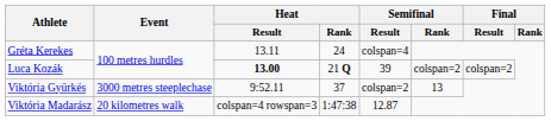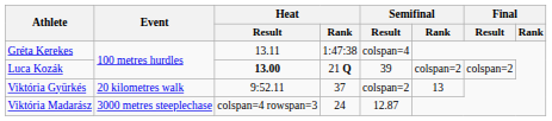 <table class="wikitable" style="font-size:90%">
 <tr>
 <th rowspan="2">Athlete</th>
 <th rowspan="2">Event</th>
 <th colspan="2">Heat</th>
 <th colspan="2">Semifinal</th>
 <th colspan="2">Final</th>
 </tr>
 <tr style="font-size:95%">
 <th>Result</th>
 <th>Rank</th>
 <th>Result</th>
 <th>Rank</th>
 <th>Result</th>
 <th>Rank</th>
 </tr>
 <tr style=text-align:center>
 <td style=text-align:left><a href='#'>Gréta Kerekes</a></td>
 <td style=text-align:left rowspan=2><a href='#'>100 metres hurdles</a></td>
 <td>13.11</td>
-<td>24</td>
+<td>1:47:38</td>
 <td>colspan=4 </td>
 </tr>
 <tr style=text-align:center>
 <td style=text-align:left><a href='#'>Luca Kozák</a></td>
 <td><strong>13.00</strong></td>
 <td>21 <strong>Q</strong></td>
 <td>39</td>
 <td>colspan=2 </td>
 <td>colspan=2 </td>
 </tr>
 <tr style=text-align:center>
 <td style=text-align:left><a href='#'>Viktória Gyürkés</a></td>
-<td style=text-align:left><a href='#'>3000 metres steeplechase</a></td>
+<td style=text-align:left><a href='#'>20 kilometres walk</a></td>
 <td>9:52.11</td>
 <td>37</td>
 <td>colspan=2 </td>
 <td>13</td>
 </tr>
 <tr style=text-align:center>
 <td style=text-align:left><a href='#'>Viktória Madarász</a></td>
-<td style=text-align:left><a href='#'>20 kilometres walk</a></td>
+<td style=text-align:left><a href='#'>3000 metres steeplechase</a></td>
 <td>colspan=4 rowspan=3 </td>
-<td>1:47:38</td>
+<td>24</td>
 <td>12.87</td>
 </tr>
 </table>
